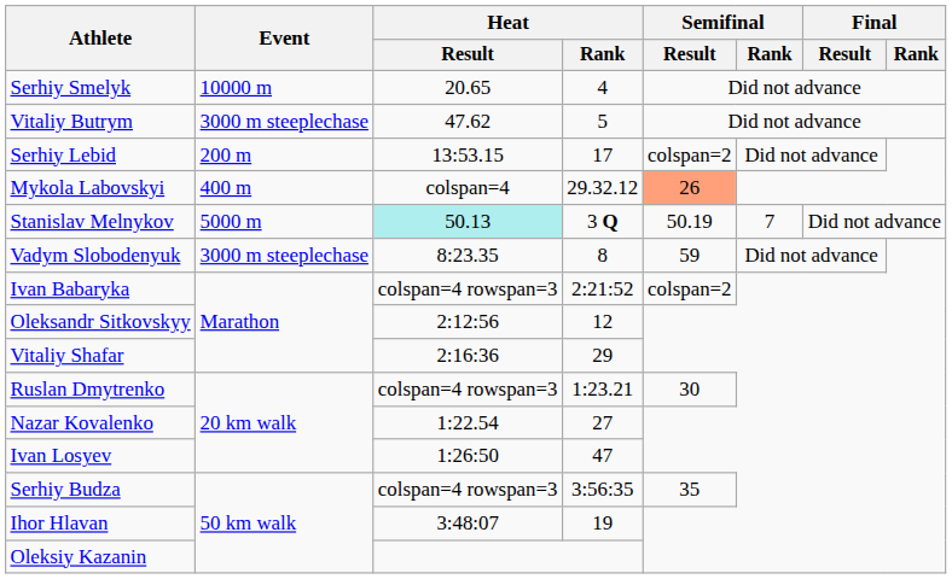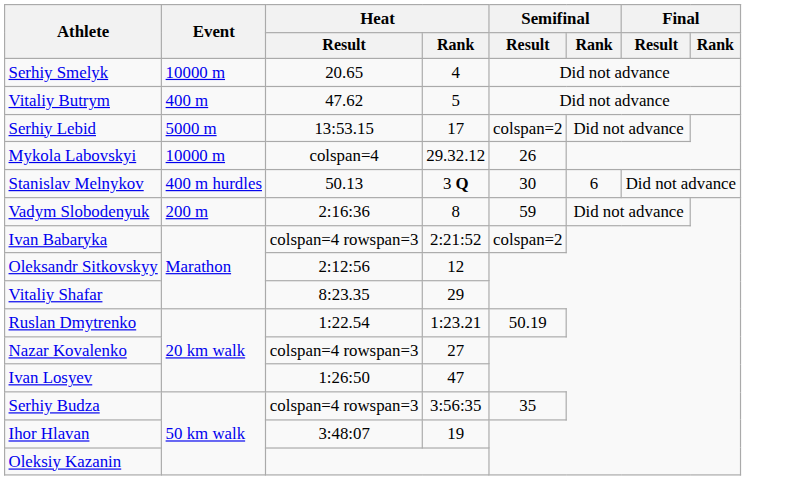 <table class="wikitable" style="font-size:90%">
 <tr>
 <th rowspan="2">Athlete</th>
 <th rowspan="2">Event</th>
 <th colspan="2">Heat</th>
 <th colspan="2">Semifinal</th>
 <th colspan="2">Final</th>
 </tr>
 <tr style="font-size:95%">
 <th>Result</th>
 <th>Rank</th>
 <th>Result</th>
 <th>Rank</th>
 <th>Result</th>
 <th>Rank</th>
 </tr>
 <tr align=center>
 <td align=left><a href='#'>Serhiy Smelyk</a></td>
 <td align=left><a href='#'>10000 m</a></td>
 <td>20.65</td>
 <td>4</td>
 <td colspan=4>Did not advance</td>
 </tr>
 <tr align=center>
 <td align=left><a href='#'>Vitaliy Butrym</a></td>
-<td align=left><a href='#'>3000 m steeplechase</a></td>
+<td align=left><a href='#'>400 m</a></td>
 <td>47.62</td>
 <td>5</td>
 <td colspan=4>Did not advance</td>
 </tr>
 <tr align=center>
 <td align=left><a href='#'>Serhiy Lebid</a></td>
-<td align=left><a href='#'>200 m</a></td>
+<td align=left><a href='#'>5000 m</a></td>
 <td>13:53.15</td>
 <td>17</td>
 <td>colspan=2 </td>
 <td colspan=2>Did not advance</td>
 </tr>
 <tr align=center>
 <td align=left><a href='#'>Mykola Labovskyi</a></td>
-<td align=left><a href='#'>400 m</a></td>
+<td align=left><a href='#'>10000 m</a></td>
 <td>colspan=4 </td>
 <td>29.32.12</td>
-<td style="background: lightsalmon;">26</td>
+<td>26</td>
 </tr>
 <tr align=center>
 <td align=left><a href='#'>Stanislav Melnykov</a></td>
-<td align=left><a href='#'>5000 m</a></td>
-<td style="background: paleturquoise;">50.13</td>
+<td align=left><a href='#'>400 m hurdles</a></td>
+<td>50.13</td>
 <td>3 <strong>Q</strong></td>
-<td>50.19</td>
-<td>7</td>
+<td>30</td>
+<td>6</td>
 <td colspan=2>Did not advance</td>
 </tr>
 <tr align=center>
 <td align=left><a href='#'>Vadym Slobodenyuk</a></td>
-<td align=left><a href='#'>3000 m steeplechase</a></td>
-<td>8:23.35</td>
+<td align=left><a href='#'>200 m</a></td>
+<td>2:16:36</td>
 <td>8</td>
 <td>59</td>
 <td colspan=2>Did not advance</td>
 </tr>
 <tr align=center>
 <td align=left><a href='#'>Ivan Babaryka</a></td>
 <td align=left rowspan=3><a href='#'>Marathon</a></td>
 <td>colspan=4 rowspan=3 </td>
 <td>2:21:52</td>
 <td>colspan=2 </td>
 </tr>
 <tr align=center>
 <td align=left><a href='#'>Oleksandr Sitkovskyy</a></td>
 <td>2:12:56</td>
 <td>12</td>
 </tr>
 <tr align=center>
 <td align=left><a href='#'>Vitaliy Shafar</a></td>
-<td>2:16:36</td>
+<td>8:23.35</td>
 <td>29</td>
 </tr>
 <tr align=center>
 <td align=left><a href='#'>Ruslan Dmytrenko</a></td>
 <td align=left rowspan=3><a href='#'>20 km walk</a></td>
-<td>colspan=4 rowspan=3 </td>
+<td>1:22.54</td>
 <td>1:23.21</td>
-<td>30</td>
+<td>50.19</td>
 </tr>
 <tr align=center>
 <td align=left><a href='#'>Nazar Kovalenko</a></td>
-<td>1:22.54</td>
+<td>colspan=4 rowspan=3 </td>
 <td>27</td>
 </tr>
 <tr align=center>
 <td align=left><a href='#'>Ivan Losyev</a></td>
 <td>1:26:50</td>
 <td>47</td>
 </tr>
 <tr align=center>
 <td align=left><a href='#'>Serhiy Budza</a></td>
 <td align=left rowspan=3><a href='#'>50 km walk</a></td>
 <td>colspan=4 rowspan=3 </td>
 <td>3:56:35</td>
 <td>35</td>
 </tr>
 <tr align=center>
 <td align=left><a href='#'>Ihor Hlavan</a></td>
 <td>3:48:07</td>
 <td>19</td>
 </tr>
 <tr align=center>
 <td align=left><a href='#'>Oleksiy Kazanin</a></td>
 <td colspan=2></td>
 </tr>
 </table>
